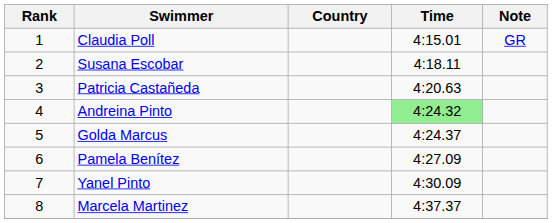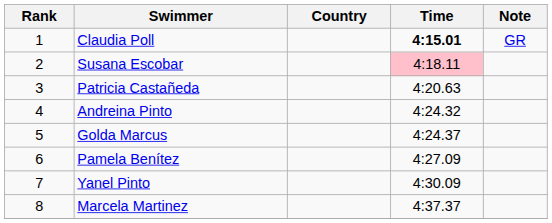 <table class="wikitable" style=" text-align:center; font-size:110%;" width="75%">
 <tr>
 <th>Rank</th>
 <th>Swimmer</th>
 <th>Country</th>
 <th>Time</th>
 <th>Note</th>
 </tr>
 <tr>
 <td>1</td>
 <td align=left><a href='#'>Claudia Poll</a></td>
 <td align=left></td>
-<td>4:15.01</td>
+<td><strong>4:15.01</strong></td>
 <td><a href='#'>GR</a></td>
 </tr>
 <tr>
 <td>2</td>
 <td align=left><a href='#'>Susana Escobar</a></td>
 <td align=left></td>
-<td>4:18.11</td>
+<td style="background: pink;">4:18.11</td>
 <td></td>
 </tr>
 <tr>
 <td>3</td>
 <td align=left><a href='#'>Patricia Castañeda</a></td>
 <td align=left></td>
 <td>4:20.63</td>
 <td></td>
 </tr>
 <tr>
 <td>4</td>
 <td align=left><a href='#'>Andreina Pinto</a></td>
 <td align=left></td>
-<td style="background: lightgreen;">4:24.32</td>
+<td>4:24.32</td>
 <td></td>
 </tr>
 <tr>
 <td>5</td>
 <td align=left><a href='#'>Golda Marcus</a></td>
 <td align=left></td>
 <td>4:24.37</td>
 <td></td>
 </tr>
 <tr>
 <td>6</td>
 <td align=left><a href='#'>Pamela Benítez</a></td>
 <td align=left></td>
 <td>4:27.09</td>
 <td></td>
 </tr>
 <tr>
 <td>7</td>
 <td align=left><a href='#'>Yanel Pinto</a></td>
 <td align=left></td>
 <td>4:30.09</td>
 <td></td>
 </tr>
 <tr>
 <td>8</td>
 <td align=left><a href='#'>Marcela Martinez</a></td>
 <td align=left></td>
 <td>4:37.37</td>
 <td></td>
 </tr>
 <tr>
 </tr>
 </table>
